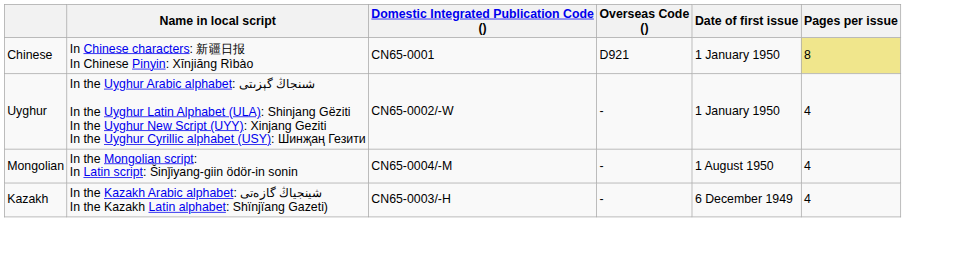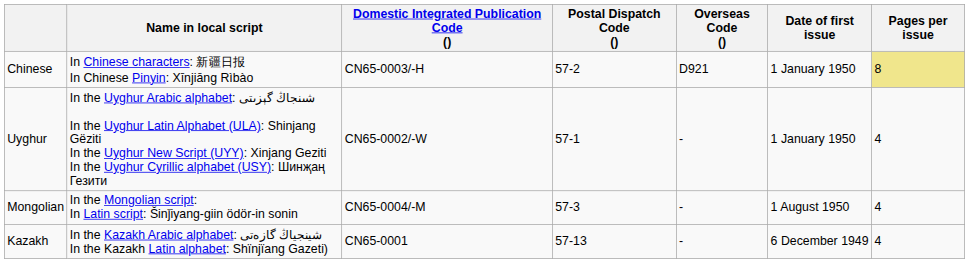 <table class="wikitable">
 <tr>
 <th></th>
 <th>Name in local script</th>
 <th><a href='#'>Domestic Integrated Publication Code</a><br>()</th>
+<th>Postal Dispatch Code<br>()</th>
 <th>Overseas Code<br>()</th>
 <th>Date of first issue</th>
 <th>Pages per issue</th>
 </tr>
 <tr>
 <td>Chinese</td>
 <td>In <a href='#'>Chinese characters</a>: 新疆日报<br>In Chinese <a href='#'>Pinyin</a>: Xīnjiāng Rìbào</td>
-<td>CN65-0001</td>
+<td>CN65-0003/-H</td>
+<td>57-2</td>
 <td>D921</td>
 <td>1 January 1950</td>
 <td style="background: khaki;">8</td>
 </tr>
 <tr>
 <td>Uyghur</td>
 <td>In the <a href='#'>Uyghur Arabic alphabet</a>: شىنجاڭ گېزىتى<br><br>In the <a href='#'>Uyghur Latin Alphabet (ULA)</a>: Shinjang Gëziti <br>In the <a href='#'>Uyghur New Script (UYY)</a>: Xinjang Geziti <br>In the <a href='#'>Uyghur Cyrillic alphabet (USY)</a>: Шинҗаң Гезити</td>
 <td>CN65-0002/-W</td>
+<td>57-1</td>
 <td>-</td>
 <td>1 January 1950</td>
 <td>4</td>
 </tr>
 <tr>
 <td>Mongolian</td>
 <td>In the <a href='#'>Mongolian script</a>: <br>In <a href='#'>Latin script</a>: Šinǰiyang-giin ödör-in sonin</td>
 <td>CN65-0004/-M</td>
+<td>57-3</td>
 <td>-</td>
 <td>1 August 1950</td>
 <td>4</td>
 </tr>
 <tr>
 <td>Kazakh</td>
 <td>In the <a href='#'>Kazakh Arabic alphabet</a>: شينجياڭ گازەتى<br>In the Kazakh <a href='#'>Latin alphabet</a>: Shïnjïang Gazeti)</td>
-<td>CN65-0003/-H</td>
+<td>CN65-0001</td>
+<td>57-13</td>
 <td>-</td>
 <td>6 December 1949</td>
 <td>4</td>
 </tr>
 </table>
